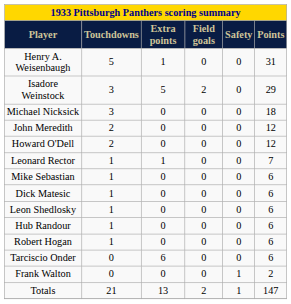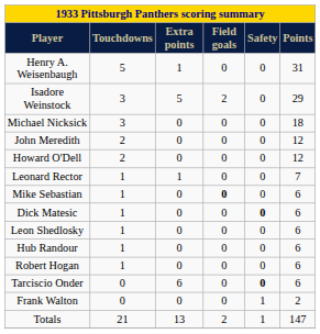 <table class="wikitable" width="35%">
 <tr>
 <th colspan="10" style="background:gold; color:darkblue; text-align: center;"><strong>1933 Pittsburgh Panthers scoring summary</strong></th>
 </tr>
 <tr align="center"  style="background:#091C44;color:#CEC499;">
 <td><strong>Player</strong></td>
 <td><strong>Touchdowns</strong></td>
 <td><strong>Extra points</strong></td>
 <td><strong>Field goals</strong></td>
 <td><strong>Safety</strong></td>
 <td><strong>Points</strong></td>
 </tr>
 <tr align="center" bgcolor="">
 <td>Henry A. Weisenbaugh</td>
 <td>5</td>
 <td>1</td>
 <td>0</td>
 <td>0</td>
 <td>31</td>
 </tr>
 <tr align="center" bgcolor="">
 <td>Isadore Weinstock</td>
 <td>3</td>
 <td>5</td>
 <td>2</td>
 <td>0</td>
 <td>29</td>
 </tr>
 <tr align="center" bgcolor="">
 <td>Michael Nicksick</td>
 <td>3</td>
 <td>0</td>
 <td>0</td>
 <td>0</td>
 <td>18</td>
 </tr>
 <tr align="center" bgcolor="">
 <td>John Meredith</td>
 <td>2</td>
 <td>0</td>
 <td>0</td>
 <td>0</td>
 <td>12</td>
 </tr>
 <tr align="center" bgcolor="">
 <td>Howard O'Dell</td>
 <td>2</td>
 <td>0</td>
 <td>0</td>
 <td>0</td>
 <td>12</td>
 </tr>
 <tr align="center" bgcolor="">
 <td>Leonard Rector</td>
 <td>1</td>
 <td>1</td>
 <td>0</td>
 <td>0</td>
 <td>7</td>
 </tr>
 <tr align="center" bgcolor="">
 <td>Mike Sebastian</td>
 <td>1</td>
 <td>0</td>
-<td>0</td>
+<td><strong>0</strong></td>
 <td>0</td>
 <td>6</td>
 </tr>
 <tr align="center" bgcolor="">
 <td>Dick Matesic</td>
 <td>1</td>
 <td>0</td>
 <td>0</td>
-<td>0</td>
+<td><strong>0</strong></td>
 <td>6</td>
 </tr>
 <tr align="center" bgcolor="">
 <td>Leon Shedlosky</td>
 <td>1</td>
 <td>0</td>
 <td>0</td>
 <td>0</td>
 <td>6</td>
 </tr>
 <tr align="center" bgcolor="">
 <td>Hub Randour</td>
 <td>1</td>
 <td>0</td>
 <td>0</td>
 <td>0</td>
 <td>6</td>
 </tr>
 <tr align="center" bgcolor="">
 <td>Robert Hogan</td>
 <td>1</td>
 <td>0</td>
 <td>0</td>
 <td>0</td>
 <td>6</td>
 </tr>
 <tr align="center" bgcolor="">
 <td>Tarciscio Onder</td>
 <td>0</td>
 <td>6</td>
 <td>0</td>
-<td>0</td>
+<td><strong>0</strong></td>
 <td>6</td>
 </tr>
 <tr align="center" bgcolor="">
 <td>Frank Walton</td>
 <td>0</td>
 <td>0</td>
 <td>0</td>
 <td>1</td>
 <td>2</td>
 </tr>
 <tr align="center" bgcolor="">
 <td>Totals</td>
 <td>21</td>
 <td>13</td>
 <td>2</td>
 <td>1</td>
 <td>147</td>
 </tr>
 <tr align="center" bgcolor="">
 </tr>
 </table>
